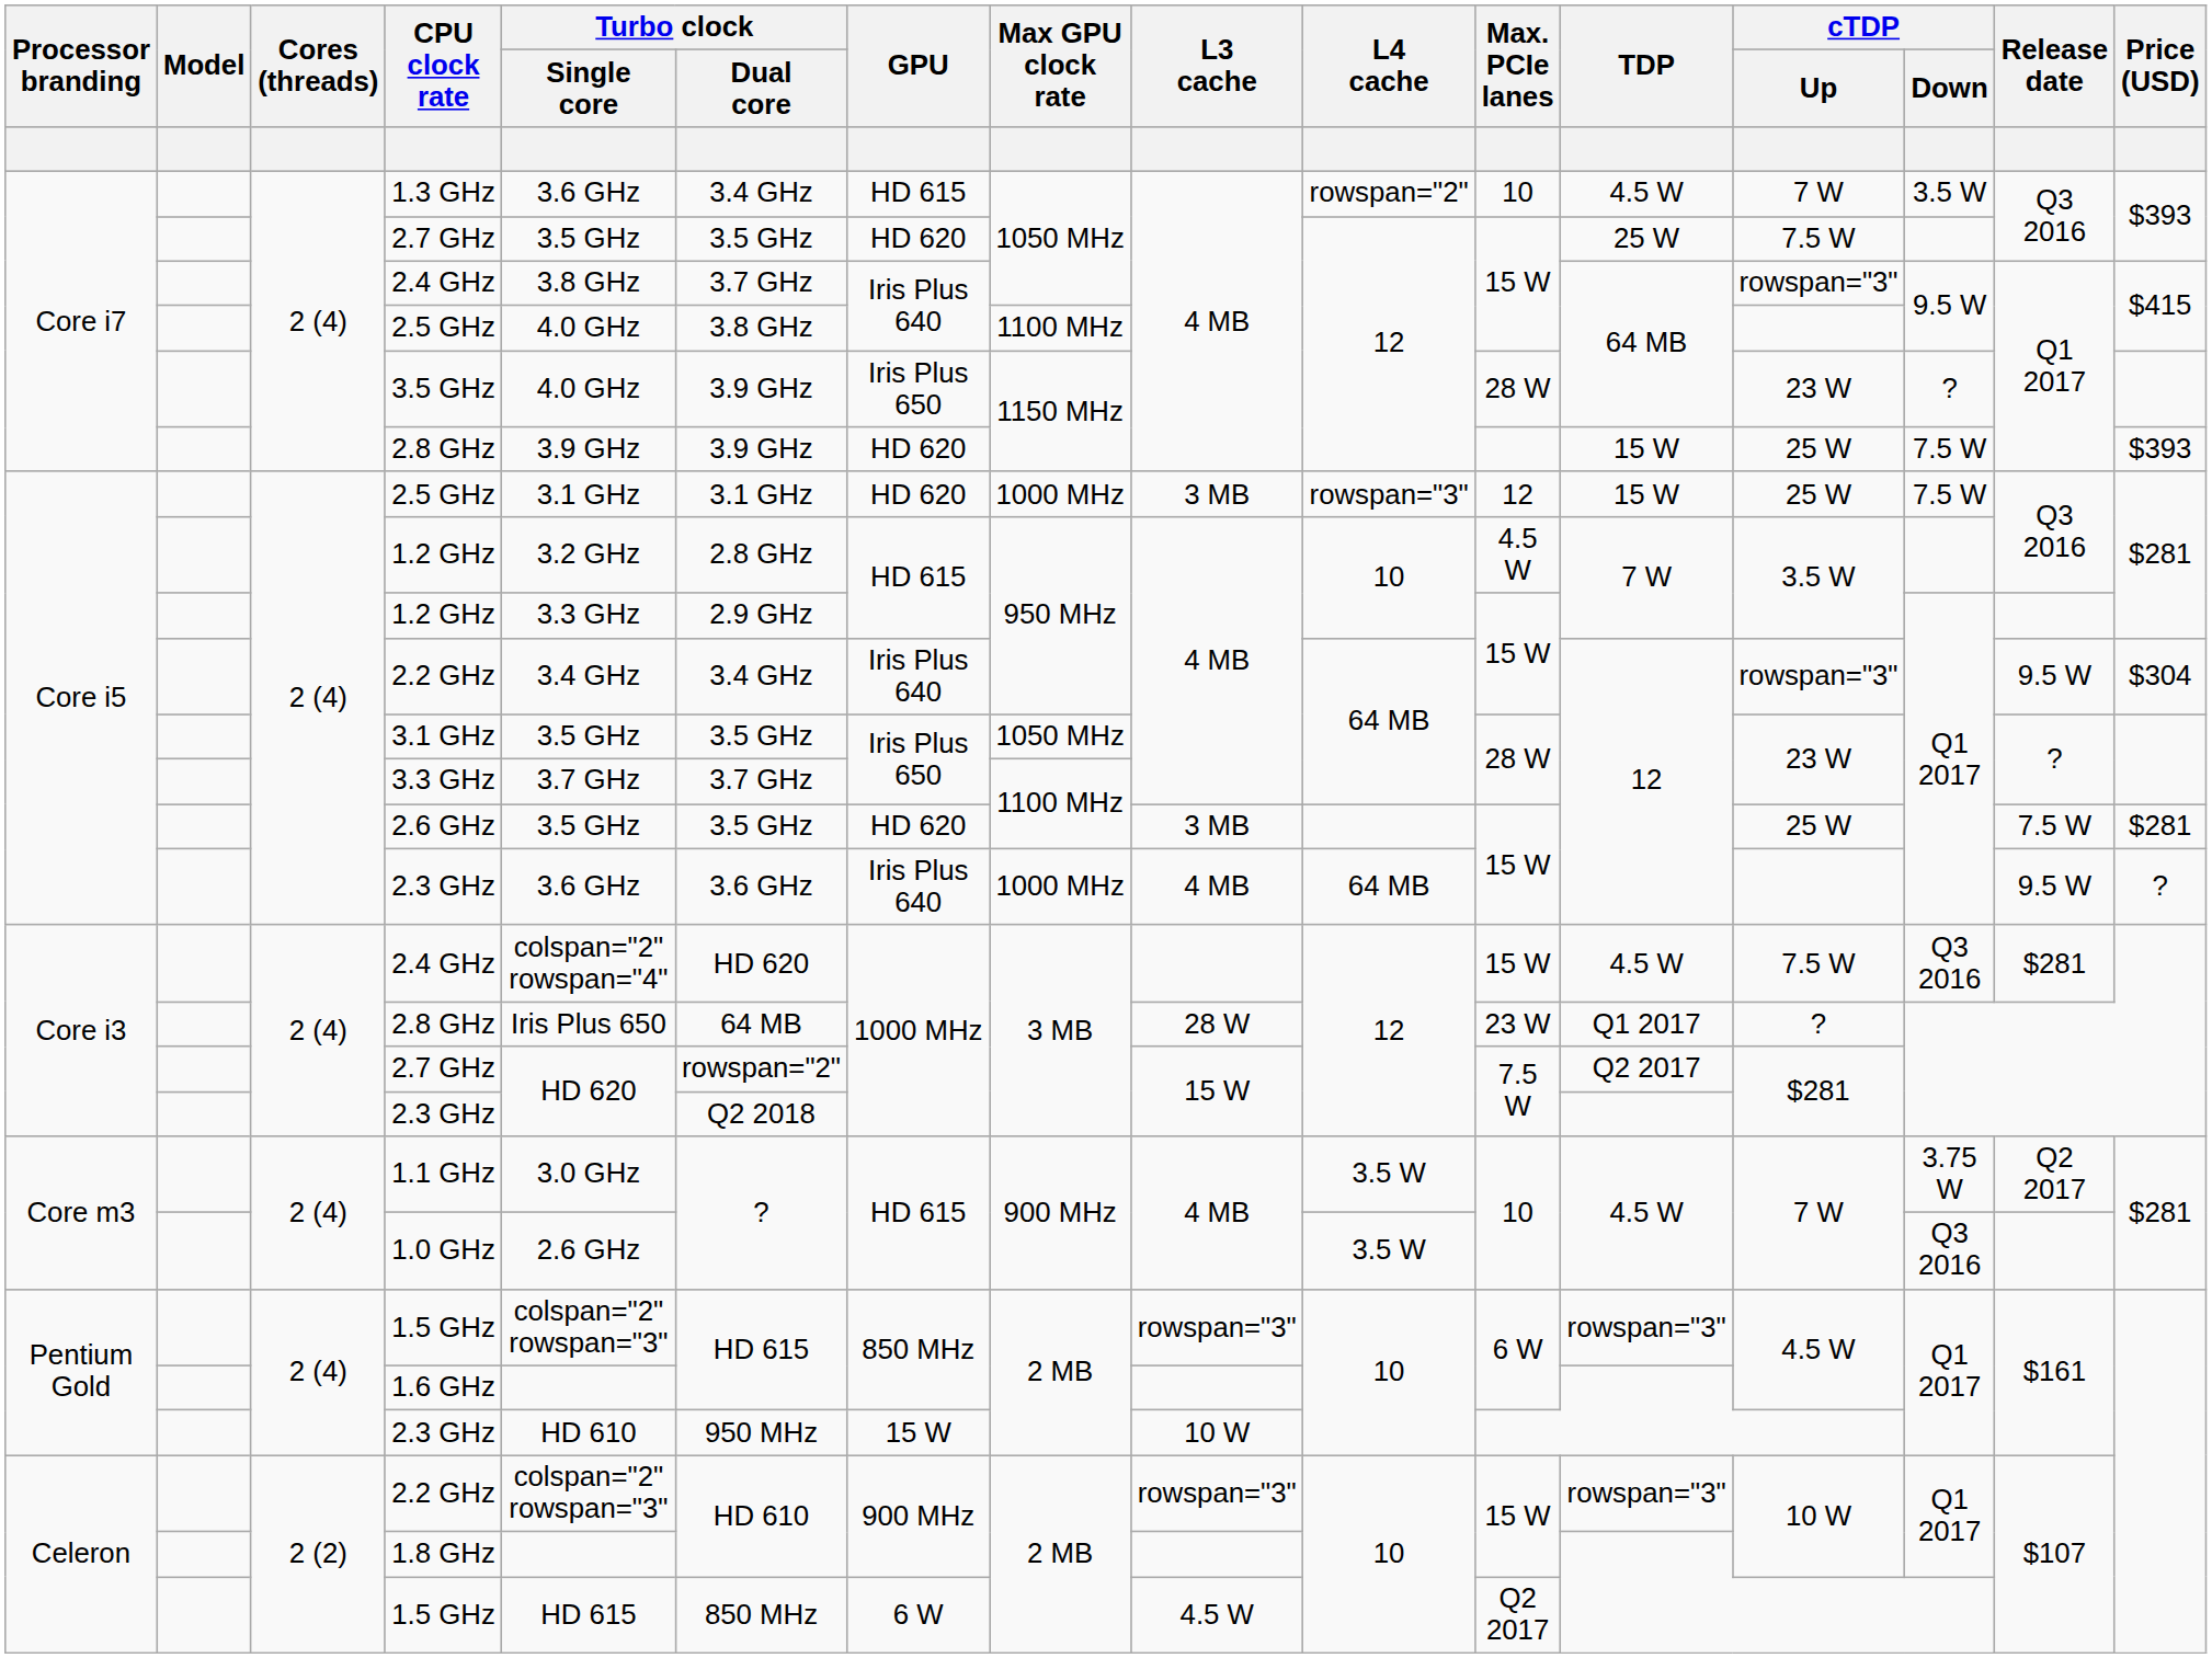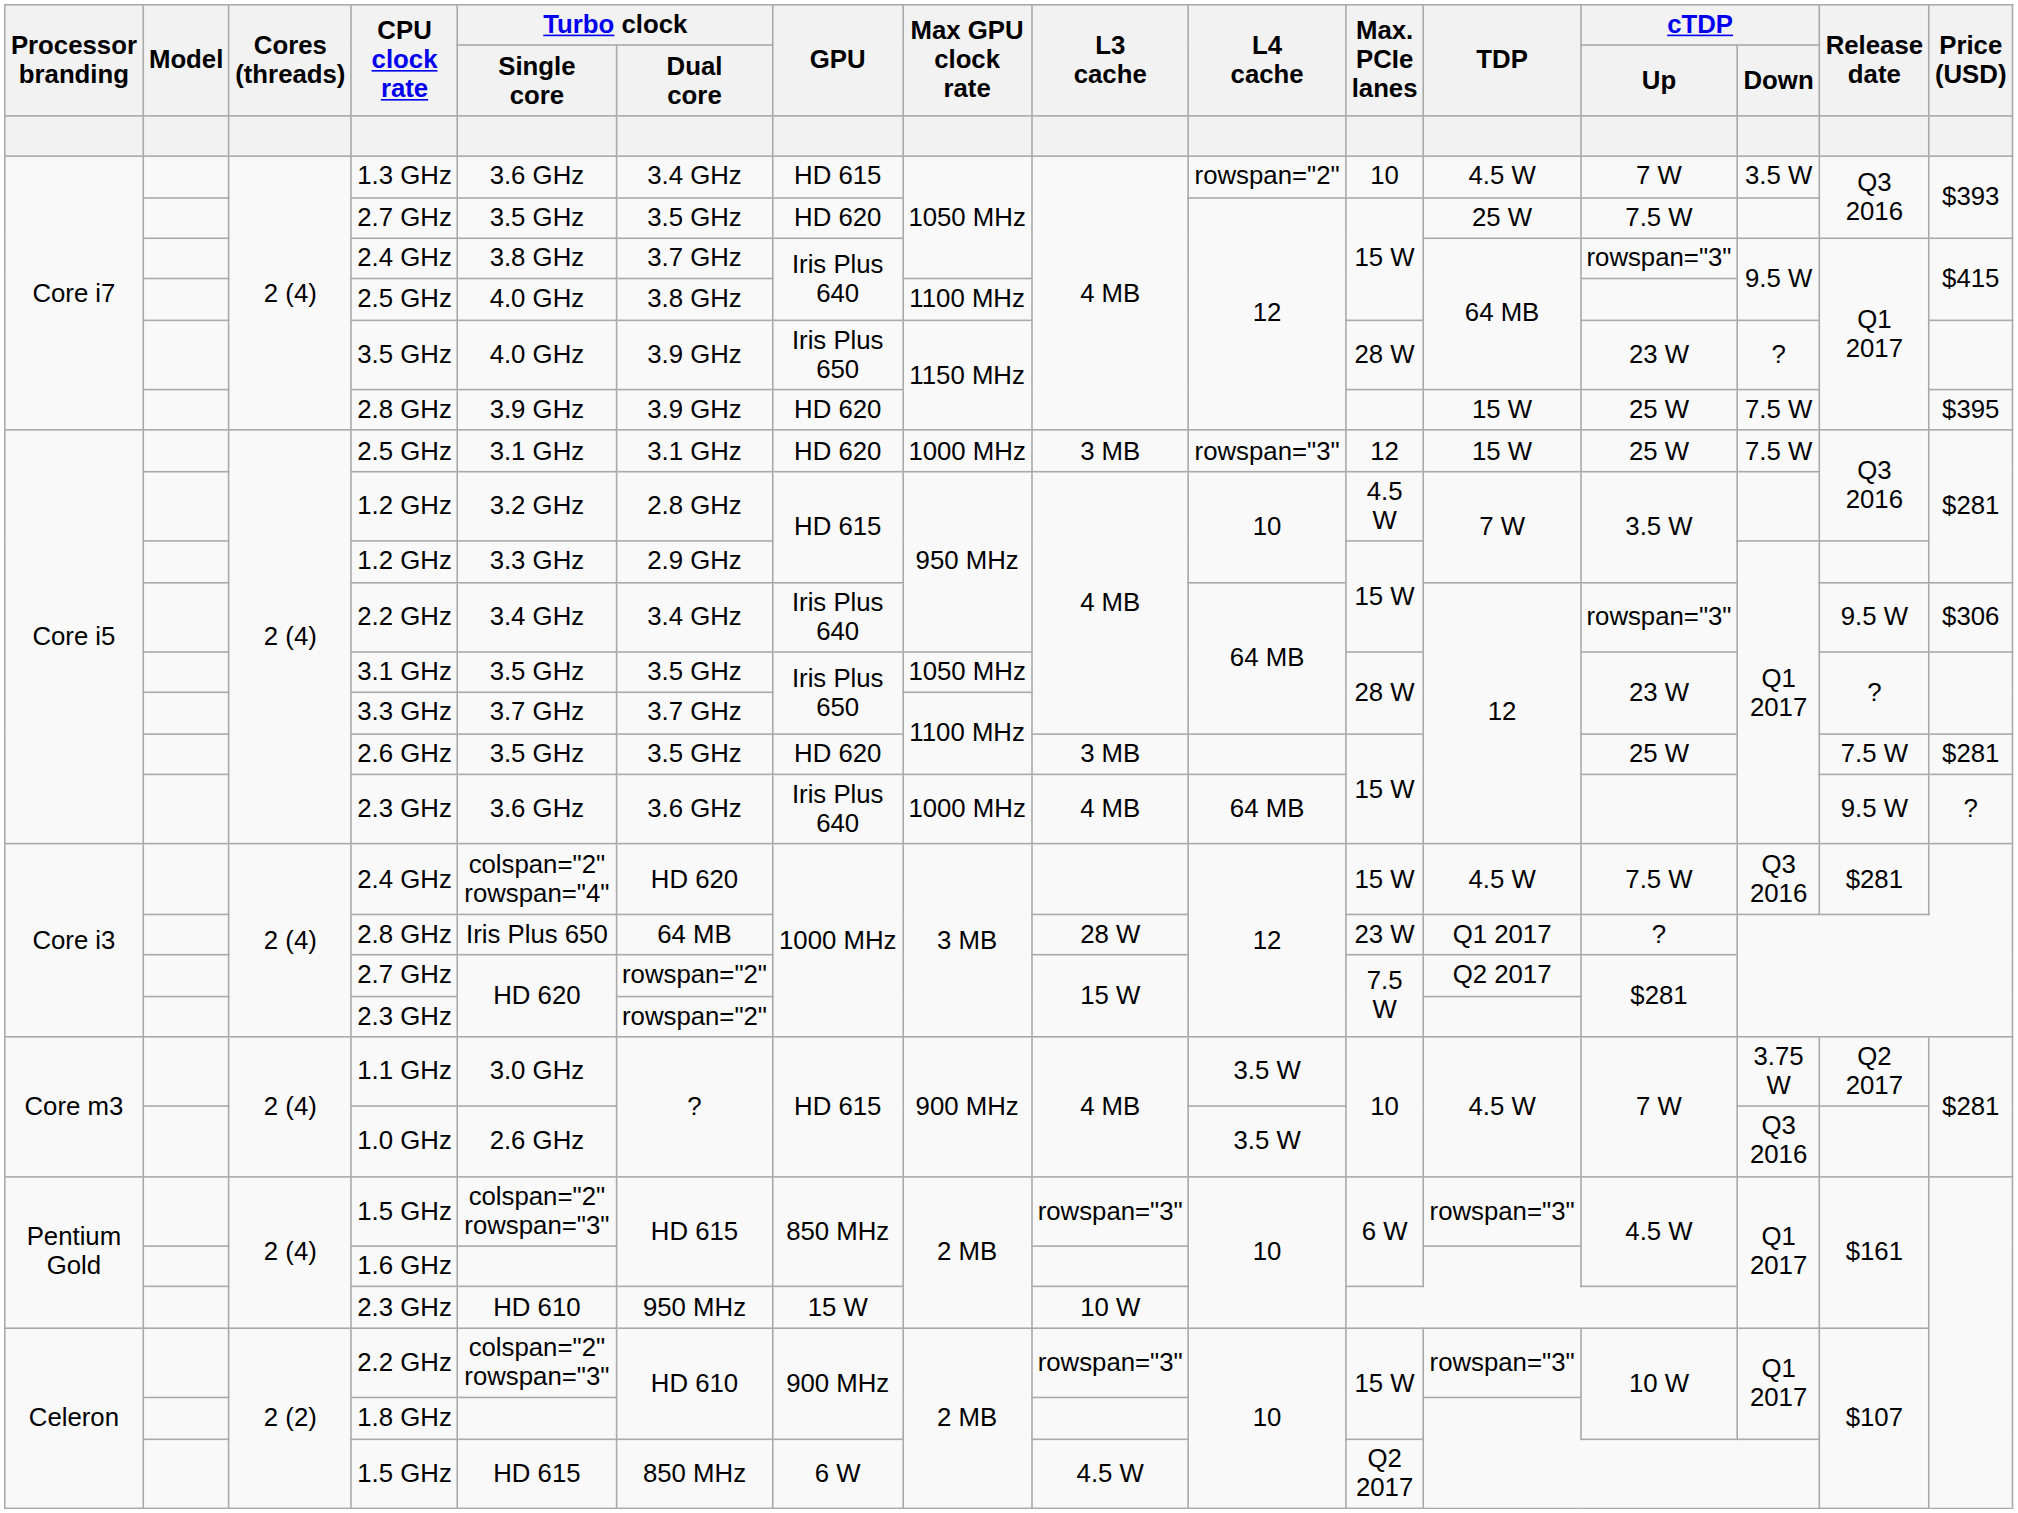 <table class="wikitable sortable hover-highlight" style="text-align: center;">
 <tr>
 <th rowspan="2">Processor<br>branding</th>
 <th rowspan="2">Model</th>
 <th rowspan="2">Cores<br>(threads)</th>
 <th rowspan="2">CPU<br><a href='#'>clock<br>rate</a></th>
 <th colspan="2"><a href='#'>Turbo</a> clock</th>
 <th rowspan="2">GPU</th>
 <th rowspan="2">Max GPU<br>clock rate</th>
 <th rowspan="2">L3<br>cache</th>
 <th rowspan="2">L4<br>cache</th>
 <th rowspan="2">Max.<br>PCIe<br>lanes</th>
 <th rowspan="2">TDP</th>
 <th colspan="2"><a href='#'>cTDP</a></th>
 <th rowspan="2">Release<br>date</th>
 <th rowspan="2">Price<br>(USD)</th>
 </tr>
 <tr>
 <th>Single<br>core</th>
 <th>Dual<br>core</th>
 <th>Up</th>
 <th>Down</th>
 </tr>
 <tr>
 <th style="background-position:center"><br></th>
 <th style="background-position:center"></th>
 <th style="background-position:center"></th>
 <th style="background-position:center"></th>
 <th style="background-position:center"></th>
 <th style="background-position:center"></th>
 <th style="background-position:center"></th>
 <th style="background-position:center"></th>
 <th style="background-position:center"></th>
 <th style="background-position:center"></th>
 <th style="background-position:center"></th>
 <th style="background-position:center"></th>
 <th style="background-position:center"></th>
 <th style="background-position:center"></th>
 <th style="background-position:center"></th>
 <th style="background-position:center"></th>
 </tr>
 <tr>
 <td rowspan="6">Core i7</td>
 <td></td>
 <td rowspan="6">2 (4)</td>
 <td>1.3 GHz</td>
 <td>3.6 GHz</td>
 <td>3.4 GHz</td>
 <td>HD 615</td>
 <td rowspan="3">1050 MHz</td>
 <td rowspan="6">4 MB</td>
 <td>rowspan="2" </td>
 <td>10</td>
 <td>4.5 W</td>
 <td>7 W</td>
 <td>3.5 W</td>
 <td rowspan="2">Q3 2016</td>
 <td rowspan="2">$393</td>
 </tr>
 <tr>
 <td></td>
 <td>2.7 GHz</td>
 <td>3.5 GHz</td>
 <td>3.5 GHz</td>
 <td>HD 620</td>
 <td rowspan="5">12</td>
 <td rowspan="3">15 W</td>
 <td>25 W</td>
 <td>7.5 W</td>
 </tr>
 <tr>
 <td></td>
 <td>2.4 GHz</td>
 <td>3.8 GHz</td>
 <td>3.7 GHz</td>
 <td rowspan="2">Iris Plus 640</td>
 <td rowspan="3">64 MB</td>
 <td>rowspan="3" </td>
 <td rowspan="2">9.5 W</td>
 <td rowspan="4">Q1 2017</td>
 <td rowspan="2">$415</td>
 </tr>
 <tr>
 <td></td>
 <td>2.5 GHz</td>
 <td>4.0 GHz</td>
 <td>3.8 GHz</td>
 <td>1100 MHz</td>
 </tr>
 <tr>
 <td></td>
 <td>3.5 GHz</td>
 <td>4.0 GHz</td>
 <td>3.9 GHz</td>
 <td>Iris Plus 650</td>
 <td rowspan="2">1150 MHz</td>
 <td>28 W</td>
 <td>23 W</td>
 <td>?</td>
 </tr>
 <tr>
 <td></td>
 <td>2.8 GHz</td>
 <td>3.9 GHz</td>
 <td>3.9 GHz</td>
 <td>HD 620</td>
 <td></td>
 <td>15 W</td>
 <td>25 W</td>
 <td>7.5 W</td>
-<td>$393</td>
+<td>$395</td>
 </tr>
 <tr>
 <td rowspan="8">Core i5</td>
 <td></td>
 <td rowspan="8">2 (4)</td>
 <td>2.5 GHz</td>
 <td>3.1 GHz</td>
 <td>3.1 GHz</td>
 <td>HD 620</td>
 <td>1000 MHz</td>
 <td>3 MB</td>
 <td>rowspan="3" </td>
 <td>12</td>
 <td>15 W</td>
 <td>25 W</td>
 <td>7.5 W</td>
 <td rowspan="2">Q3 2016</td>
 <td rowspan="3">$281</td>
 </tr>
 <tr>
 <td></td>
 <td>1.2 GHz</td>
 <td>3.2 GHz</td>
 <td>2.8 GHz</td>
 <td rowspan="2">HD 615</td>
 <td rowspan="3">950 MHz</td>
 <td rowspan="5">4 MB</td>
 <td rowspan="2">10</td>
 <td>4.5 W</td>
 <td rowspan="2">7 W</td>
 <td rowspan="2">3.5 W</td>
 </tr>
 <tr>
 <td></td>
 <td>1.2 GHz</td>
 <td>3.3 GHz</td>
 <td>2.9 GHz</td>
 <td rowspan="2">15 W</td>
 <td rowspan="6">Q1 2017</td>
 </tr>
 <tr>
 <td></td>
 <td>2.2 GHz</td>
 <td>3.4 GHz</td>
 <td>3.4 GHz</td>
 <td>Iris Plus 640</td>
 <td rowspan="3">64 MB</td>
 <td rowspan="5">12</td>
 <td>rowspan="3" </td>
 <td>9.5 W</td>
-<td>$304</td>
+<td>$306</td>
 </tr>
 <tr>
 <td></td>
 <td>3.1 GHz</td>
 <td>3.5 GHz</td>
 <td>3.5 GHz</td>
 <td rowspan="2">Iris Plus 650</td>
 <td>1050 MHz</td>
 <td rowspan="2">28 W</td>
 <td rowspan="2">23 W</td>
 <td rowspan="2">?</td>
 </tr>
 <tr>
 <td></td>
 <td>3.3 GHz</td>
 <td>3.7 GHz</td>
 <td>3.7 GHz</td>
 <td rowspan="2">1100 MHz</td>
 </tr>
 <tr>
 <td></td>
 <td>2.6 GHz</td>
 <td>3.5 GHz</td>
 <td>3.5 GHz</td>
 <td>HD 620</td>
 <td>3 MB</td>
 <td></td>
 <td rowspan="2">15 W</td>
 <td>25 W</td>
 <td>7.5 W</td>
 <td>$281</td>
 </tr>
 <tr>
 <td></td>
 <td>2.3 GHz</td>
 <td>3.6 GHz</td>
 <td>3.6 GHz</td>
 <td>Iris Plus 640</td>
 <td>1000 MHz</td>
 <td>4 MB</td>
 <td>64 MB</td>
 <td></td>
 <td>9.5 W</td>
 <td>?</td>
 </tr>
 <tr>
 <td rowspan="4">Core i3</td>
 <td></td>
 <td rowspan="4">2 (4)</td>
 <td>2.4 GHz</td>
 <td>colspan="2" rowspan="4" </td>
 <td>HD 620</td>
 <td rowspan="4">1000 MHz</td>
 <td rowspan="4">3 MB</td>
 <td></td>
 <td rowspan="4">12</td>
 <td>15 W</td>
 <td>4.5 W</td>
 <td>7.5 W</td>
 <td>Q3 2016</td>
 <td>$281</td>
 </tr>
 <tr>
 <td></td>
 <td>2.8 GHz</td>
 <td>Iris Plus 650</td>
 <td>64 MB</td>
 <td>28 W</td>
 <td>23 W</td>
 <td>Q1 2017</td>
 <td>?</td>
 </tr>
 <tr>
 <td></td>
 <td>2.7 GHz</td>
 <td rowspan="2">HD 620</td>
 <td>rowspan="2" </td>
 <td rowspan="2">15 W</td>
 <td rowspan="2">7.5 W</td>
 <td>Q2 2017</td>
 <td rowspan="2">$281</td>
 </tr>
 <tr>
 <td></td>
 <td>2.3 GHz</td>
-<td>Q2 2018</td>
+<td>rowspan="2" </td>
 </tr>
 <tr>
 <td rowspan="2">Core m3</td>
 <td></td>
 <td rowspan="2">2 (4)</td>
 <td>1.1 GHz</td>
 <td>3.0 GHz</td>
 <td rowspan="2">?</td>
 <td rowspan="2">HD 615</td>
 <td rowspan="2">900 MHz</td>
 <td rowspan="2">4 MB</td>
 <td>3.5 W</td>
 <td rowspan="2">10</td>
 <td rowspan="2">4.5 W</td>
 <td rowspan="2">7 W</td>
 <td>3.75 W</td>
 <td>Q2 2017</td>
 <td rowspan="2">$281</td>
 </tr>
 <tr>
 <td></td>
 <td>1.0 GHz</td>
 <td>2.6 GHz</td>
 <td>3.5 W</td>
 <td>Q3 2016</td>
 </tr>
 <tr>
 <td rowspan="3">Pentium Gold</td>
 <td></td>
 <td rowspan="3">2 (4)</td>
 <td>1.5 GHz</td>
 <td>colspan="2" rowspan="3" </td>
 <td rowspan="2">HD 615</td>
 <td rowspan="2">850 MHz</td>
 <td rowspan="3">2 MB</td>
 <td>rowspan="3" </td>
 <td rowspan="3">10</td>
 <td rowspan="2">6 W</td>
 <td>rowspan="3" </td>
 <td rowspan="2">4.5 W</td>
 <td rowspan="3">Q1 2017</td>
 <td rowspan="3">$161</td>
 </tr>
 <tr>
 <td></td>
 <td>1.6 GHz</td>
 </tr>
 <tr>
 <td></td>
 <td>2.3 GHz</td>
 <td>HD 610</td>
 <td>950 MHz</td>
 <td>15 W</td>
 <td>10 W</td>
 </tr>
 <tr>
 <td rowspan="3">Celeron</td>
 <td></td>
 <td rowspan="3">2 (2)</td>
 <td>2.2 GHz</td>
 <td>colspan="2" rowspan="3" </td>
 <td rowspan="2">HD 610</td>
 <td rowspan="2">900 MHz</td>
 <td rowspan="3">2 MB</td>
 <td>rowspan="3" </td>
 <td rowspan="3">10</td>
 <td rowspan="2">15 W</td>
 <td>rowspan="3" </td>
 <td rowspan="2">10 W</td>
 <td rowspan="2">Q1 2017</td>
 <td rowspan="3">$107</td>
 </tr>
 <tr>
 <td></td>
 <td>1.8 GHz</td>
 </tr>
 <tr>
 <td></td>
 <td>1.5 GHz</td>
 <td>HD 615</td>
 <td>850 MHz</td>
 <td>6 W</td>
 <td>4.5 W</td>
 <td>Q2 2017</td>
 </tr>
 <tr>
 </tr>
 </table>
